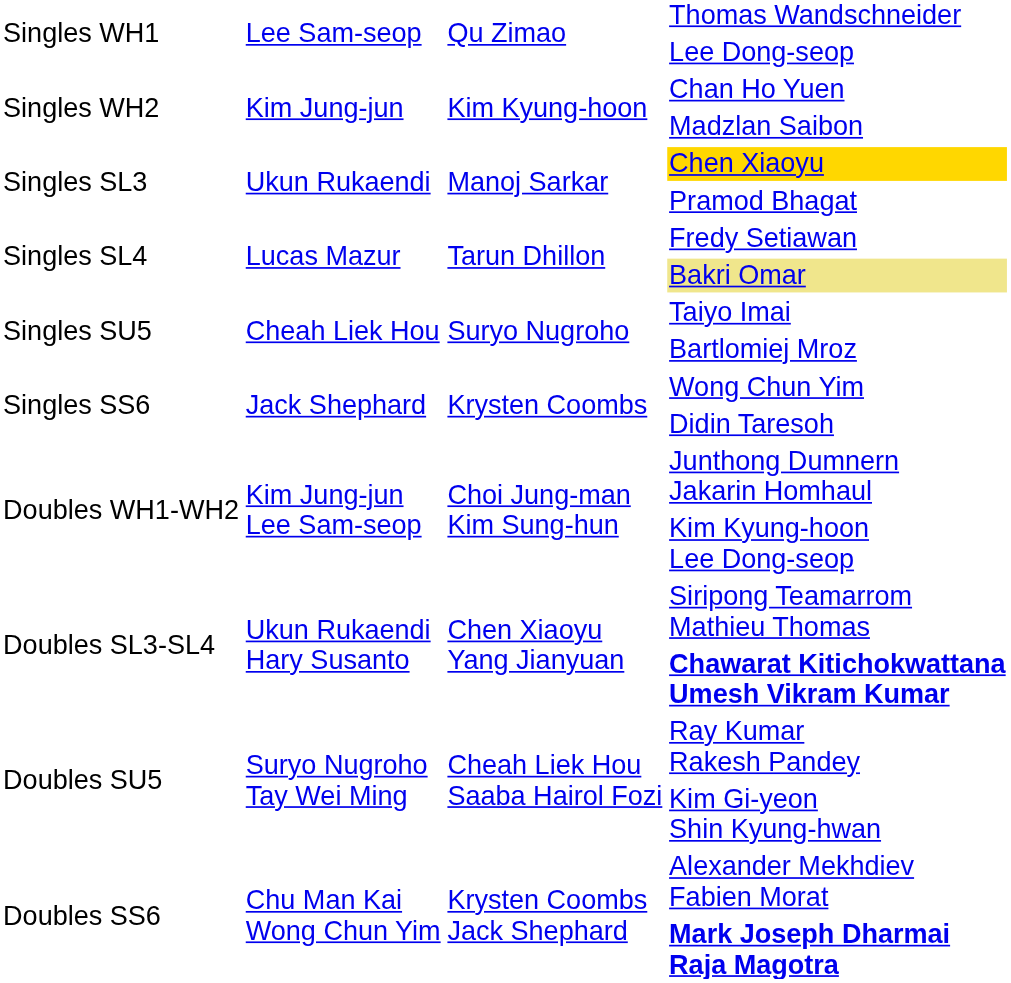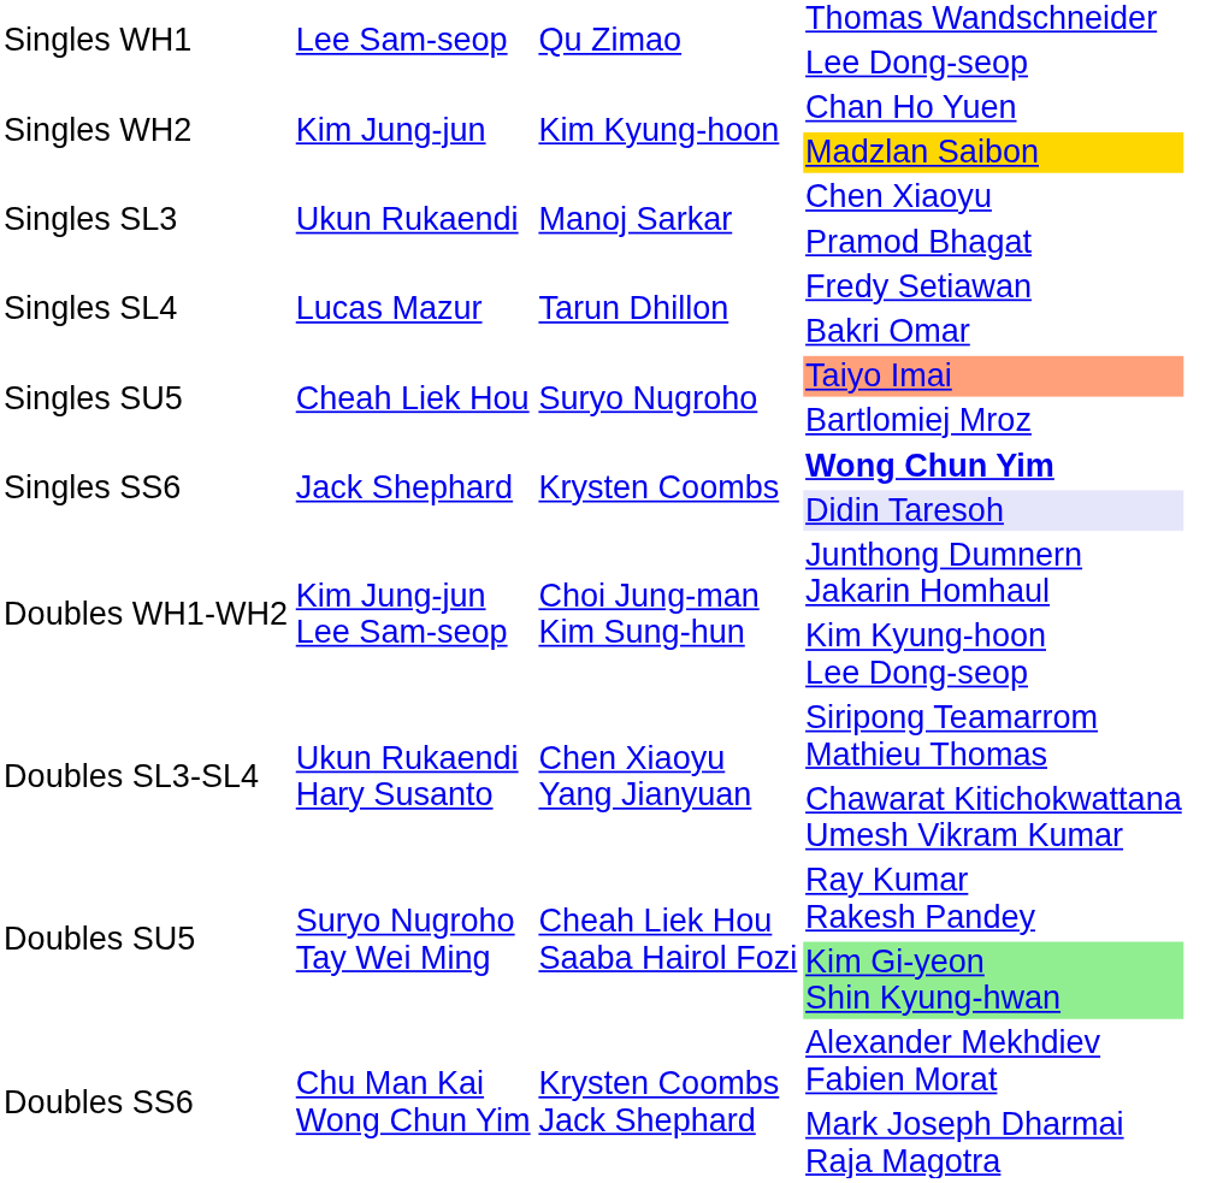 <table>
 <tr>
 <td rowspan=2>Singles WH1</td>
 <td rowspan=2> <a href='#'>Lee Sam-seop</a></td>
 <td rowspan=2> <a href='#'>Qu Zimao</a></td>
 <td> <a href='#'>Thomas Wandschneider</a></td>
 </tr>
 <tr>
 <td> <a href='#'>Lee Dong-seop</a></td>
 </tr>
 <tr>
 <td rowspan=2>Singles WH2</td>
 <td rowspan=2> <a href='#'>Kim Jung-jun</a></td>
 <td rowspan=2> <a href='#'>Kim Kyung-hoon</a></td>
 <td> <a href='#'>Chan Ho Yuen</a></td>
 </tr>
 <tr>
-<td> <a href='#'>Madzlan Saibon</a></td>
+<td style="background: gold;"> <a href='#'>Madzlan Saibon</a></td>
 </tr>
 <tr>
 <td rowspan=2>Singles SL3</td>
 <td rowspan=2> <a href='#'>Ukun Rukaendi</a></td>
 <td rowspan=2> <a href='#'>Manoj Sarkar</a></td>
-<td style="background: gold;"> <a href='#'>Chen Xiaoyu</a></td>
+<td> <a href='#'>Chen Xiaoyu</a></td>
 </tr>
 <tr>
 <td> <a href='#'>Pramod Bhagat</a></td>
 </tr>
 <tr>
 <td rowspan=2>Singles SL4</td>
 <td rowspan=2> <a href='#'>Lucas Mazur</a></td>
 <td rowspan=2> <a href='#'>Tarun Dhillon</a></td>
 <td> <a href='#'>Fredy Setiawan</a></td>
 </tr>
 <tr>
-<td style="background: khaki;"> <a href='#'>Bakri Omar</a></td>
+<td> <a href='#'>Bakri Omar</a></td>
 </tr>
 <tr>
 <td rowspan=2>Singles SU5</td>
 <td rowspan=2> <a href='#'>Cheah Liek Hou</a></td>
 <td rowspan=2> <a href='#'>Suryo Nugroho</a></td>
-<td> <a href='#'>Taiyo Imai</a></td>
+<td style="background: lightsalmon;"> <a href='#'>Taiyo Imai</a></td>
 </tr>
 <tr>
 <td> <a href='#'>Bartlomiej Mroz</a></td>
 </tr>
 <tr>
 <td rowspan=2>Singles SS6</td>
 <td rowspan=2> <a href='#'>Jack Shephard</a></td>
 <td rowspan=2> <a href='#'>Krysten Coombs</a></td>
-<td> <a href='#'>Wong Chun Yim</a></td>
+<td><strong> <a href='#'>Wong Chun Yim</a></strong></td>
 </tr>
 <tr>
-<td> <a href='#'>Didin Taresoh</a></td>
+<td style="background: lavender;"> <a href='#'>Didin Taresoh</a></td>
 </tr>
 <tr>
 <td rowspan=2>Doubles WH1-WH2</td>
 <td rowspan=2> <a href='#'>Kim Jung-jun</a><br> <a href='#'>Lee Sam-seop</a></td>
 <td rowspan=2> <a href='#'>Choi Jung-man</a><br> <a href='#'>Kim Sung-hun</a></td>
 <td> <a href='#'>Junthong Dumnern</a><br> <a href='#'>Jakarin Homhaul</a></td>
 </tr>
 <tr>
 <td> <a href='#'>Kim Kyung-hoon</a><br> <a href='#'>Lee Dong-seop</a></td>
 </tr>
 <tr>
 <td rowspan=2>Doubles SL3-SL4</td>
 <td rowspan=2> <a href='#'>Ukun Rukaendi</a><br> <a href='#'>Hary Susanto</a></td>
 <td rowspan=2> <a href='#'>Chen Xiaoyu</a><br> <a href='#'>Yang Jianyuan</a></td>
 <td> <a href='#'>Siripong Teamarrom</a><br> <a href='#'>Mathieu Thomas</a></td>
 </tr>
 <tr>
-<td><strong> <a href='#'>Chawarat Kitichokwattana</a><br> <a href='#'>Umesh Vikram Kumar</a></strong></td>
+<td> <a href='#'>Chawarat Kitichokwattana</a><br> <a href='#'>Umesh Vikram Kumar</a></td>
 </tr>
 <tr>
 <td rowspan=2>Doubles SU5</td>
 <td rowspan=2> <a href='#'>Suryo Nugroho</a><br> <a href='#'>Tay Wei Ming</a></td>
 <td rowspan=2> <a href='#'>Cheah Liek Hou</a><br> <a href='#'>Saaba Hairol Fozi</a></td>
 <td> <a href='#'>Ray Kumar</a><br> <a href='#'>Rakesh Pandey</a></td>
 </tr>
 <tr>
-<td> <a href='#'>Kim Gi-yeon</a><br> <a href='#'>Shin Kyung-hwan</a></td>
+<td style="background: lightgreen;"> <a href='#'>Kim Gi-yeon</a><br> <a href='#'>Shin Kyung-hwan</a></td>
 </tr>
 <tr>
 <td rowspan=2>Doubles SS6</td>
 <td rowspan=2> <a href='#'>Chu Man Kai</a><br> <a href='#'>Wong Chun Yim</a></td>
 <td rowspan=2> <a href='#'>Krysten Coombs</a><br> <a href='#'>Jack Shephard</a></td>
 <td> <a href='#'>Alexander Mekhdiev</a><br> <a href='#'>Fabien Morat</a></td>
 </tr>
 <tr>
-<td><strong> <a href='#'>Mark Joseph Dharmai</a><br> <a href='#'>Raja Magotra</a></strong></td>
+<td> <a href='#'>Mark Joseph Dharmai</a><br> <a href='#'>Raja Magotra</a></td>
 </tr>
 </table>
